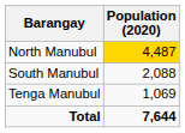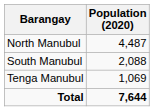 <table class="wikitable">
 <tr>
 <th>Barangay</th>
 <th>Population <br> (2020)</th>
 </tr>
 <tr>
 <td>North Manubul</td>
-<td align="right" style="background: gold;">4,487</td>
+<td align="right">4,487</td>
 </tr>
 <tr>
 <td>South Manubul</td>
 <td align="right">2,088</td>
 </tr>
 <tr>
 <td>Tenga Manubul</td>
 <td align="right">1,069</td>
 </tr>
 <tr>
 <td align="right"><strong>Total</strong></td>
 <td align="right"><strong>7,644</strong></td>
 </tr>
 </table>
